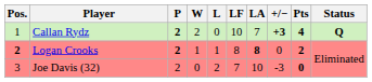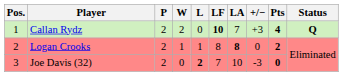 <table class="wikitable" style="text-align:center; margin: 1em auto 1em auto, align:left">
 <tr>
 <th width=20>Pos.</th>
 <th width=185>Player</th>
 <th width=20>P</th>
 <th width=20>W</th>
 <th width=20>L</th>
 <th width=20>LF</th>
 <th width=20>LA</th>
 <th width=25>+/−</th>
 <th width=20>Pts</th>
 <th width=70>Status</th>
 </tr>
 <tr style="background:#D0F0C0;">
 <td>1</td>
 <td align=left> <a href='#'>Callan Rydz</a></td>
-<td><strong>2</strong></td>
+<td>2</td>
 <td>2</td>
 <td>0</td>
-<td>10</td>
+<td><strong>10</strong></td>
 <td>7</td>
-<td><strong>+3</strong></td>
+<td>+3</td>
 <td><strong>4</strong></td>
 <td rowspan=1><strong>Q</strong></td>
 </tr>
 <tr style="background:#FF8888;">
-<td><strong>2</strong></td>
+<td>2</td>
 <td align=left> <a href='#'>Logan Crooks</a></td>
-<td><strong>2</strong></td>
+<td>2</td>
 <td>1</td>
 <td>1</td>
 <td>8</td>
 <td><strong>8</strong></td>
 <td>0</td>
 <td><strong>2</strong></td>
 <td rowspan=2>Eliminated</td>
 </tr>
 <tr style="background:#FF8888;">
 <td>3</td>
 <td align=left> Joe Davis (32)</td>
 <td>2</td>
 <td>0</td>
-<td>2</td>
+<td><strong>2</strong></td>
 <td>7</td>
 <td>10</td>
 <td>-3</td>
 <td><strong>0</strong></td>
 </tr>
 </table>
